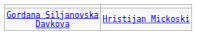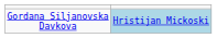 <table class="wikitable" style="text-align:left; float:right; margin-right:9px; margin-left:2px;">
 <tr>
 <td style="text-align:left;"></td>
 <td style="text-align:left;"></td>
 </tr>
 <tr>
 <td style="text-align:center;"><a href='#'>Gordana Siljanovska<br>Davkova</a><br></td>
-<td style="text-align:center;"><a href='#'>Hristijan Mickoski</a><br></td>
+<td style="background: lightblue; text-align:center;"><a href='#'>Hristijan Mickoski</a><br></td>
 </tr>
 </table>
